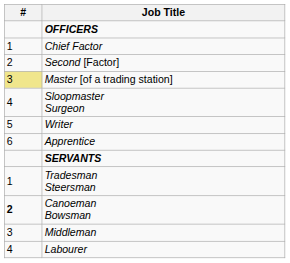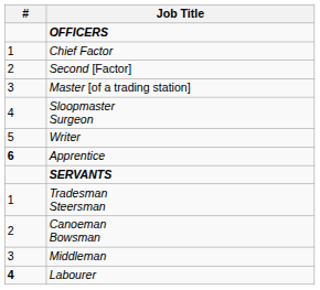 <table class="wikitable">
 <tr>
 <th align="center" width="50">#</th>
 <th align="center" width="360">Job Title</th>
 </tr>
 <tr>
 <td></td>
 <td><strong> <em>OFFICERS</em> </strong></td>
 </tr>
 <tr>
 <td>1</td>
 <td><em>Chief Factor</em></td>
 </tr>
 <tr>
 <td>2</td>
 <td><em>Second</em> [Factor]</td>
 </tr>
 <tr>
-<td style="background: khaki;">3</td>
+<td>3</td>
 <td><em>Master</em> [of a trading station]</td>
 </tr>
 <tr>
 <td>4</td>
 <td><em>Sloopmaster</em> <br> <em>Surgeon</em></td>
 </tr>
 <tr>
 <td>5</td>
 <td><em>Writer</em></td>
 </tr>
 <tr>
-<td>6</td>
+<td><strong>6</strong></td>
 <td><em>Apprentice</em></td>
 </tr>
 <tr>
 <td></td>
 <td><strong> <em>SERVANTS</em> </strong></td>
 </tr>
 <tr>
 <td>1</td>
 <td><em>Tradesman</em> <br> <em>Steersman</em></td>
 </tr>
 <tr>
-<td><strong>2</strong></td>
+<td>2</td>
 <td><em>Canoeman</em> <br> <em>Bowsman</em></td>
 </tr>
 <tr>
 <td>3</td>
 <td><em>Middleman</em></td>
 </tr>
 <tr>
-<td>4</td>
+<td><strong>4</strong></td>
 <td><em>Labourer</em></td>
 </tr>
 </table>
